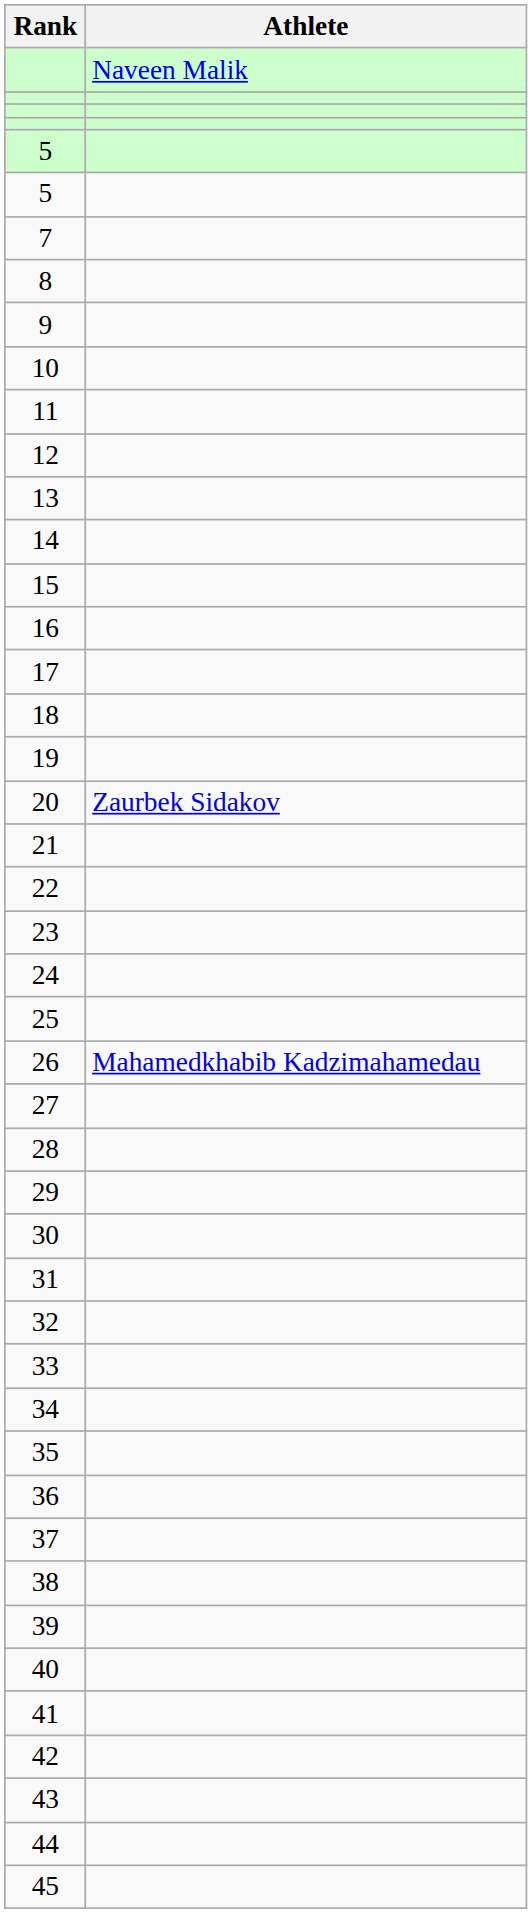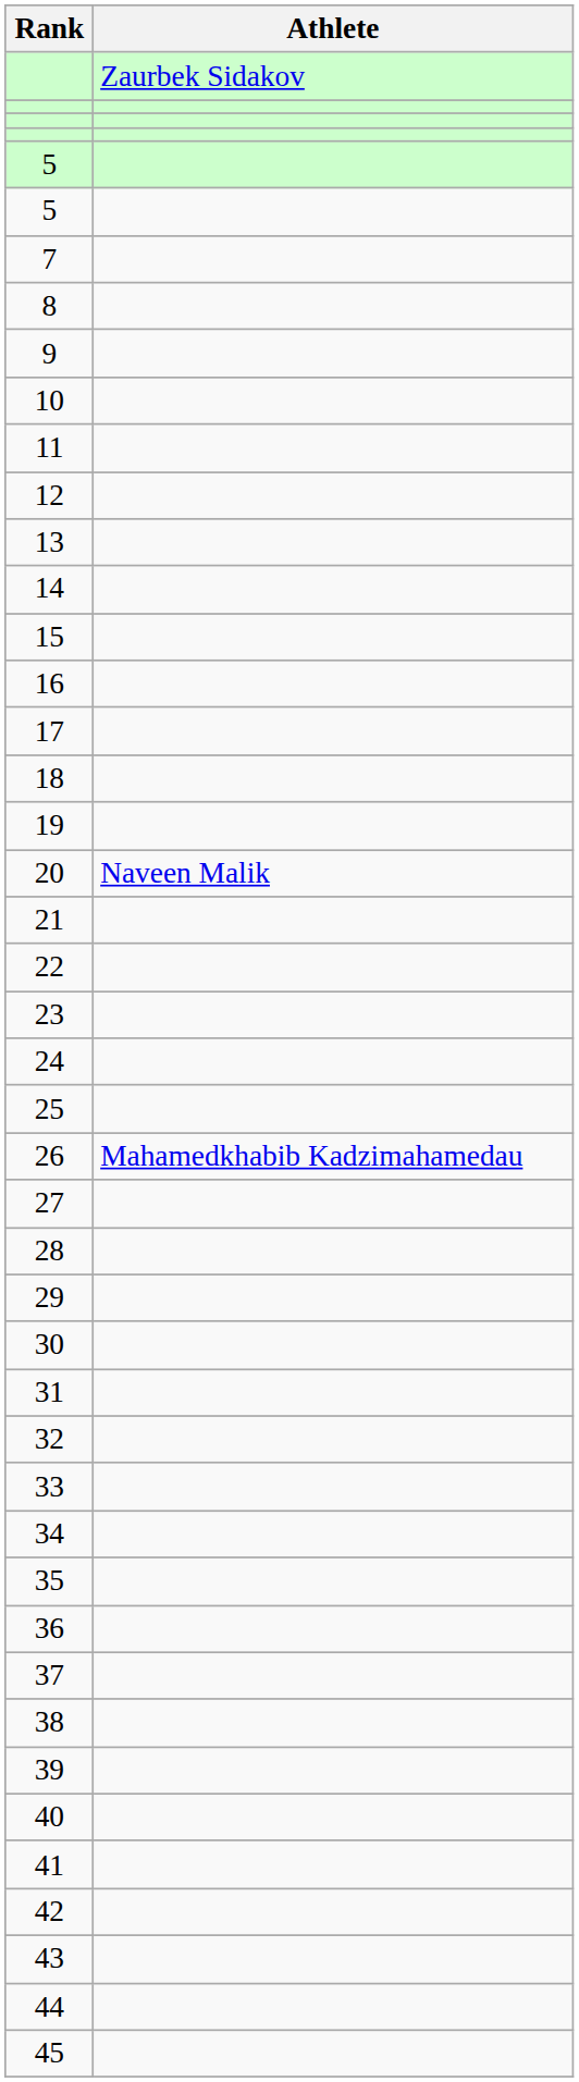 <table class="wikitable" style="text-align: center;">
 <tr>
 <th width=40>Rank</th>
 <th width=250>Athlete</th>
 </tr>
 <tr bgcolor=#ccffcc>
 <td></td>
-<td align="left"> <a href='#'>Naveen Malik</a> </td>
+<td align="left"> <a href='#'>Zaurbek Sidakov</a> </td>
 </tr>
 <tr bgcolor=#ccffcc>
 <td></td>
 <td align="left"></td>
 </tr>
 <tr bgcolor=#ccffcc>
 <td></td>
 <td align="left"></td>
 </tr>
 <tr bgcolor=#ccffcc>
 <td></td>
 <td align="left"></td>
 </tr>
 <tr bgcolor=#ccffcc>
 <td>5</td>
 <td align="left"></td>
 </tr>
 <tr>
 <td>5</td>
 <td align="left"></td>
 </tr>
 <tr>
 <td>7</td>
 <td align="left"></td>
 </tr>
 <tr>
 <td>8</td>
 <td align="left"></td>
 </tr>
 <tr>
 <td>9</td>
 <td align="left"></td>
 </tr>
 <tr>
 <td>10</td>
 <td align="left"></td>
 </tr>
 <tr>
 <td>11</td>
 <td align="left"></td>
 </tr>
 <tr>
 <td>12</td>
 <td align="left"></td>
 </tr>
 <tr>
 <td>13</td>
 <td align="left"></td>
 </tr>
 <tr>
 <td>14</td>
 <td align="left"></td>
 </tr>
 <tr>
 <td>15</td>
 <td align="left"></td>
 </tr>
 <tr>
 <td>16</td>
 <td align="left"></td>
 </tr>
 <tr>
 <td>17</td>
 <td align="left"></td>
 </tr>
 <tr>
 <td>18</td>
 <td align="left"></td>
 </tr>
 <tr>
 <td>19</td>
 <td align="left"></td>
 </tr>
 <tr>
 <td>20</td>
-<td align="left"> <a href='#'>Zaurbek Sidakov</a> </td>
+<td align="left"> <a href='#'>Naveen Malik</a> </td>
 </tr>
 <tr>
 <td>21</td>
 <td align="left"></td>
 </tr>
 <tr>
 <td>22</td>
 <td align="left"></td>
 </tr>
 <tr>
 <td>23</td>
 <td align="left"></td>
 </tr>
 <tr>
 <td>24</td>
 <td align="left"></td>
 </tr>
 <tr>
 <td>25</td>
 <td align="left"></td>
 </tr>
 <tr>
 <td>26</td>
 <td align="left"> <a href='#'>Mahamedkhabib Kadzimahamedau</a> </td>
 </tr>
 <tr>
 <td>27</td>
 <td align="left"></td>
 </tr>
 <tr>
 <td>28</td>
 <td align="left"></td>
 </tr>
 <tr>
 <td>29</td>
 <td align="left"></td>
 </tr>
 <tr>
 <td>30</td>
 <td align="left"></td>
 </tr>
 <tr>
 <td>31</td>
 <td align="left"></td>
 </tr>
 <tr>
 <td>32</td>
 <td align="left"></td>
 </tr>
 <tr>
 <td>33</td>
 <td align="left"></td>
 </tr>
 <tr>
 <td>34</td>
 <td align="left"></td>
 </tr>
 <tr>
 <td>35</td>
 <td align="left"></td>
 </tr>
 <tr>
 <td>36</td>
 <td align="left"></td>
 </tr>
 <tr>
 <td>37</td>
 <td align="left"></td>
 </tr>
 <tr>
 <td>38</td>
 <td align="left"></td>
 </tr>
 <tr>
 <td>39</td>
 <td align="left"></td>
 </tr>
 <tr>
 <td>40</td>
 <td align="left"></td>
 </tr>
 <tr>
 <td>41</td>
 <td align="left"></td>
 </tr>
 <tr>
 <td>42</td>
 <td align="left"></td>
 </tr>
 <tr>
 <td>43</td>
 <td align="left"></td>
 </tr>
 <tr>
 <td>44</td>
 <td align="left"></td>
 </tr>
 <tr>
 <td>45</td>
 <td align="left"></td>
 </tr>
 </table>
